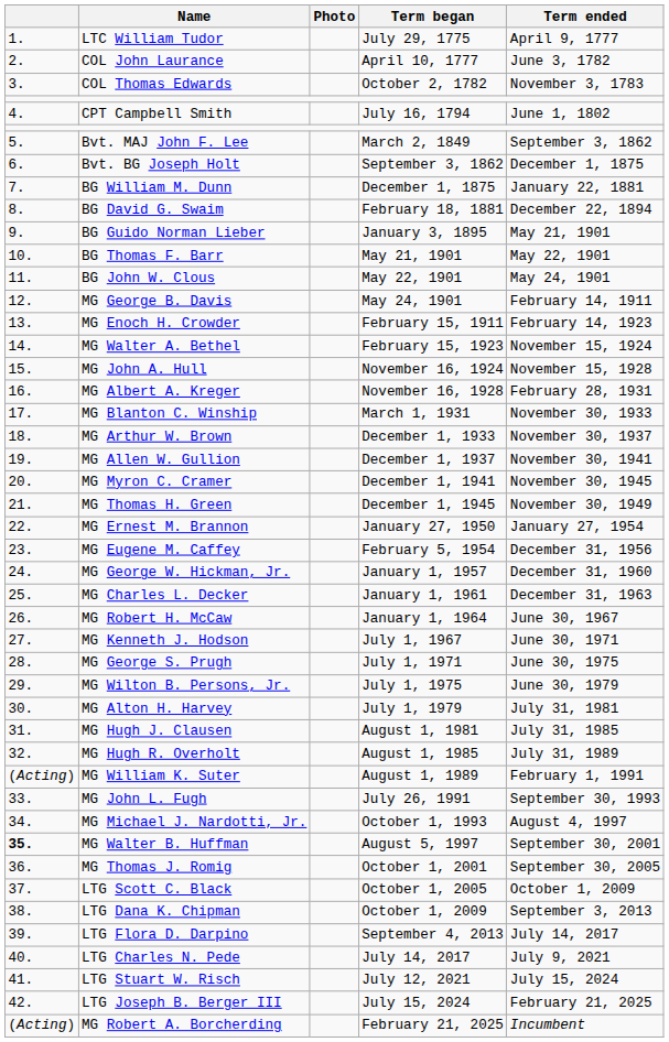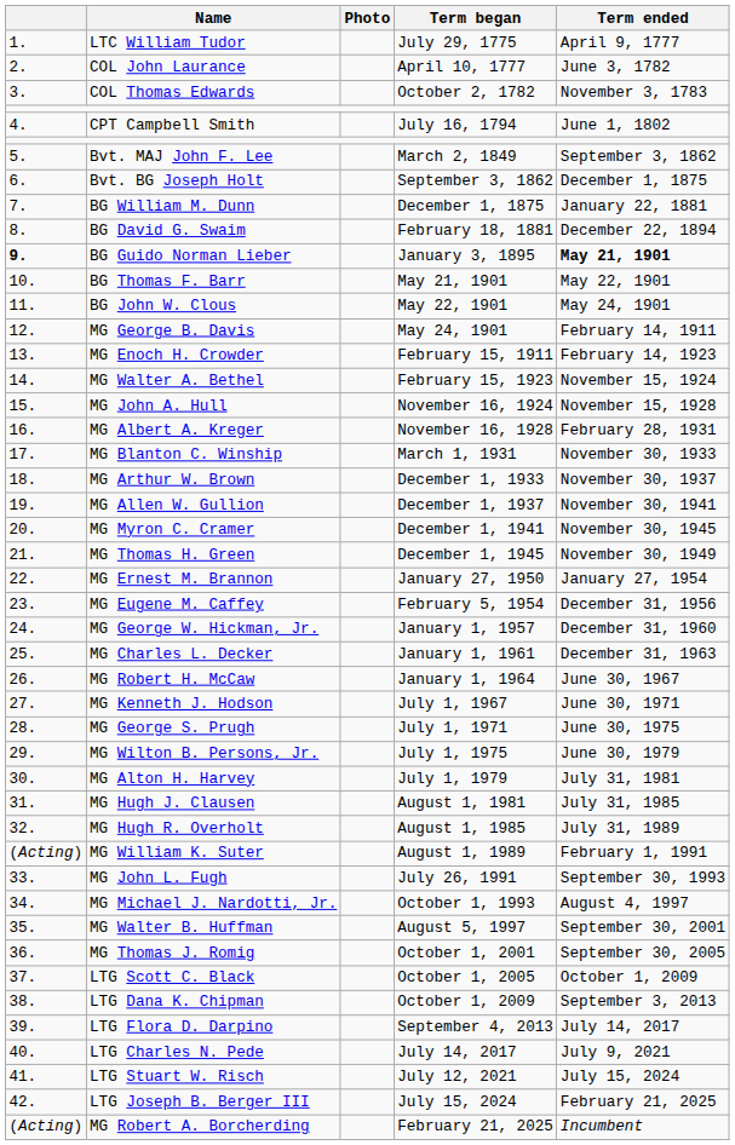 <table class="wikitable">
 <tr>
 <th></th>
 <th>Name</th>
 <th>Photo</th>
 <th>Term began</th>
 <th>Term ended</th>
 </tr>
 <tr>
 <td>1.</td>
 <td>LTC <a href='#'>William Tudor</a></td>
 <td></td>
 <td>July 29, 1775</td>
 <td>April 9, 1777</td>
 </tr>
 <tr>
 <td>2.</td>
 <td>COL <a href='#'>John Laurance</a></td>
 <td></td>
 <td>April 10, 1777</td>
 <td>June 3, 1782</td>
 </tr>
 <tr>
 <td>3.</td>
 <td>COL <a href='#'>Thomas Edwards</a></td>
 <td></td>
 <td>October 2, 1782</td>
 <td>November 3, 1783</td>
 </tr>
 <tr>
 <td colspan=5></td>
 </tr>
 <tr>
 <td>4.</td>
 <td>CPT Campbell Smith</td>
 <td></td>
 <td>July 16, 1794</td>
 <td>June 1, 1802</td>
 </tr>
 <tr>
 <td colspan=5></td>
 </tr>
 <tr>
 <td>5.</td>
 <td>Bvt. MAJ <a href='#'>John F. Lee</a></td>
 <td></td>
 <td>March 2, 1849</td>
 <td>September 3, 1862</td>
 </tr>
 <tr>
 <td>6.</td>
 <td>Bvt. BG <a href='#'>Joseph Holt</a></td>
 <td></td>
 <td>September 3, 1862</td>
 <td>December 1, 1875</td>
 </tr>
 <tr>
 <td>7.</td>
 <td>BG <a href='#'>William M. Dunn</a></td>
 <td></td>
 <td>December 1, 1875</td>
 <td>January 22, 1881</td>
 </tr>
 <tr>
 <td>8.</td>
 <td>BG <a href='#'>David G. Swaim</a></td>
 <td></td>
 <td>February 18, 1881</td>
 <td>December 22, 1894</td>
 </tr>
 <tr>
-<td>9.</td>
+<td><strong>9.</strong></td>
 <td>BG <a href='#'>Guido Norman Lieber</a></td>
 <td></td>
 <td>January 3, 1895</td>
-<td>May 21, 1901</td>
+<td><strong>May 21, 1901</strong></td>
 </tr>
 <tr>
 <td>10.</td>
 <td>BG <a href='#'>Thomas F. Barr</a></td>
 <td></td>
 <td>May 21, 1901</td>
 <td>May 22, 1901</td>
 </tr>
 <tr>
 <td>11.</td>
 <td>BG <a href='#'>John W. Clous</a></td>
 <td></td>
 <td>May 22, 1901</td>
 <td>May 24, 1901</td>
 </tr>
 <tr>
 <td>12.</td>
 <td>MG <a href='#'>George B. Davis</a></td>
 <td></td>
 <td>May 24, 1901</td>
 <td>February 14, 1911</td>
 </tr>
 <tr>
 <td>13.</td>
 <td>MG <a href='#'>Enoch H. Crowder</a></td>
 <td></td>
 <td>February 15, 1911</td>
 <td>February 14, 1923</td>
 </tr>
 <tr>
 <td>14.</td>
 <td>MG <a href='#'>Walter A. Bethel</a></td>
 <td></td>
 <td>February 15, 1923</td>
 <td>November 15, 1924</td>
 </tr>
 <tr>
 <td>15.</td>
 <td>MG <a href='#'>John A. Hull</a></td>
 <td></td>
 <td>November 16, 1924</td>
 <td>November 15, 1928</td>
 </tr>
 <tr>
 <td>16.</td>
 <td>MG <a href='#'>Albert A. Kreger</a></td>
 <td></td>
 <td>November 16, 1928</td>
 <td>February 28, 1931</td>
 </tr>
 <tr>
 <td>17.</td>
 <td>MG <a href='#'>Blanton C. Winship</a></td>
 <td></td>
 <td>March 1, 1931</td>
 <td>November 30, 1933</td>
 </tr>
 <tr>
 <td>18.</td>
 <td>MG <a href='#'>Arthur W. Brown</a></td>
 <td></td>
 <td>December 1, 1933</td>
 <td>November 30, 1937</td>
 </tr>
 <tr>
 <td>19.</td>
 <td>MG <a href='#'>Allen W. Gullion</a></td>
 <td></td>
 <td>December 1, 1937</td>
 <td>November 30, 1941</td>
 </tr>
 <tr>
 <td>20.</td>
 <td>MG <a href='#'>Myron C. Cramer</a></td>
 <td></td>
 <td>December 1, 1941</td>
 <td>November 30, 1945</td>
 </tr>
 <tr>
 <td>21.</td>
 <td>MG <a href='#'>Thomas H. Green</a></td>
 <td></td>
 <td>December 1, 1945</td>
 <td>November 30, 1949</td>
 </tr>
 <tr>
 <td>22.</td>
 <td>MG <a href='#'>Ernest M. Brannon</a></td>
 <td></td>
 <td>January 27, 1950</td>
 <td>January 27, 1954</td>
 </tr>
 <tr>
 <td>23.</td>
 <td>MG <a href='#'>Eugene M. Caffey</a></td>
 <td></td>
 <td>February 5, 1954</td>
 <td>December 31, 1956</td>
 </tr>
 <tr>
 <td>24.</td>
 <td>MG <a href='#'>George W. Hickman, Jr.</a></td>
 <td></td>
 <td>January 1, 1957</td>
 <td>December 31, 1960</td>
 </tr>
 <tr>
 <td>25.</td>
 <td>MG <a href='#'>Charles L. Decker</a></td>
 <td></td>
 <td>January 1, 1961</td>
 <td>December 31, 1963</td>
 </tr>
 <tr>
 <td>26.</td>
 <td>MG <a href='#'>Robert H. McCaw</a></td>
 <td></td>
 <td>January 1, 1964</td>
 <td>June 30, 1967</td>
 </tr>
 <tr>
 <td>27.</td>
 <td>MG <a href='#'>Kenneth J. Hodson</a></td>
 <td></td>
 <td>July 1, 1967</td>
 <td>June 30, 1971</td>
 </tr>
 <tr>
 <td>28.</td>
 <td>MG <a href='#'>George S. Prugh</a></td>
 <td></td>
 <td>July 1, 1971</td>
 <td>June 30, 1975</td>
 </tr>
 <tr>
 <td>29.</td>
 <td>MG <a href='#'>Wilton B. Persons, Jr.</a></td>
 <td></td>
 <td>July 1, 1975</td>
 <td>June 30, 1979</td>
 </tr>
 <tr>
 <td>30.</td>
 <td>MG <a href='#'>Alton H. Harvey</a></td>
 <td></td>
 <td>July 1, 1979</td>
 <td>July 31, 1981</td>
 </tr>
 <tr>
 <td>31.</td>
 <td>MG <a href='#'>Hugh J. Clausen</a></td>
 <td></td>
 <td>August 1, 1981</td>
 <td>July 31, 1985</td>
 </tr>
 <tr>
 <td>32.</td>
 <td>MG <a href='#'>Hugh R. Overholt</a></td>
 <td></td>
 <td>August 1, 1985</td>
 <td>July 31, 1989</td>
 </tr>
 <tr>
 <td>(<em>Acting</em>)</td>
 <td>MG <a href='#'>William K. Suter</a></td>
 <td></td>
 <td>August 1, 1989</td>
 <td>February 1, 1991</td>
 </tr>
 <tr>
 <td>33.</td>
 <td>MG <a href='#'>John L. Fugh</a></td>
 <td></td>
 <td>July 26, 1991</td>
 <td>September 30, 1993</td>
 </tr>
 <tr>
 <td>34.</td>
 <td>MG <a href='#'>Michael J. Nardotti, Jr.</a></td>
 <td></td>
 <td>October 1, 1993</td>
 <td>August 4, 1997</td>
 </tr>
 <tr>
-<td><strong>35.</strong></td>
+<td>35.</td>
 <td>MG <a href='#'>Walter B. Huffman</a></td>
 <td></td>
 <td>August 5, 1997</td>
 <td>September 30, 2001</td>
 </tr>
 <tr>
 <td>36.</td>
 <td>MG <a href='#'>Thomas J. Romig</a></td>
 <td></td>
 <td>October 1, 2001</td>
 <td>September 30, 2005</td>
 </tr>
 <tr>
 <td>37.</td>
 <td>LTG <a href='#'>Scott C. Black</a></td>
 <td></td>
 <td>October 1, 2005</td>
 <td>October 1, 2009</td>
 </tr>
 <tr>
 <td>38.</td>
 <td>LTG <a href='#'>Dana K. Chipman</a></td>
 <td></td>
 <td>October 1, 2009</td>
 <td>September 3, 2013</td>
 </tr>
 <tr>
 <td>39.</td>
 <td>LTG <a href='#'>Flora D. Darpino</a></td>
 <td></td>
 <td>September 4, 2013</td>
 <td>July 14, 2017</td>
 </tr>
 <tr>
 <td>40.</td>
 <td>LTG <a href='#'>Charles N. Pede</a></td>
 <td></td>
 <td>July 14, 2017</td>
 <td>July 9, 2021</td>
 </tr>
 <tr>
 <td>41.</td>
 <td>LTG <a href='#'>Stuart W. Risch</a></td>
 <td></td>
 <td>July 12, 2021</td>
 <td>July 15, 2024</td>
 </tr>
 <tr>
 <td>42.</td>
 <td>LTG <a href='#'>Joseph B. Berger III</a></td>
 <td></td>
 <td>July 15, 2024</td>
 <td>February 21, 2025</td>
 </tr>
 <tr>
 <td>(<em>Acting</em>)</td>
 <td>MG <a href='#'>Robert A. Borcherding</a></td>
 <td></td>
 <td>February 21, 2025</td>
 <td><em>Incumbent</em></td>
 </tr>
 </table>
